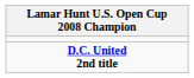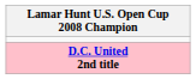 <table class="wikitable" style="text-align: center; margin: 0 auto; width: 20%">
 <tr>
 <th>Lamar Hunt U.S. Open Cup<br>2008 Champion</th>
 </tr>
 <tr>
 <td></td>
 </tr>
 <tr>
-<td><strong><a href='#'>D.C. United</a></strong><br><strong>2nd title</strong></td>
+<td style="background: pink;"><strong><a href='#'>D.C. United</a></strong><br><strong>2nd title</strong></td>
 </tr>
 </table>
